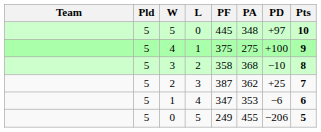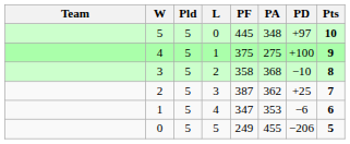 <table class=wikitable style="text-align:center">
 <tr>
 <th width=180>Team</th>
+<th width=30>W</th>
 <th width=30>Pld</th>
-<th width=30>W</th>
 <th width=30>L</th>
 <th width=30>PF</th>
 <th width=30>PA</th>
 <th width=30>PD</th>
 <th width=30>Pts</th>
 </tr>
 <tr align=center bgcolor="#ccffcc">
 <td align=left></td>
 <td>5</td>
 <td>5</td>
 <td>0</td>
 <td>445</td>
 <td>348</td>
 <td>+97</td>
 <td><strong>10</strong></td>
 </tr>
 <tr align=center bgcolor="#aaffaa">
 <td align=left></td>
+<td>4</td>
 <td>5</td>
-<td>4</td>
 <td>1</td>
 <td>375</td>
 <td>275</td>
 <td>+100</td>
 <td><strong>9</strong></td>
 </tr>
 <tr align=center bgcolor="#ccffcc">
 <td align=left></td>
+<td>3</td>
 <td>5</td>
-<td>3</td>
 <td>2</td>
 <td>358</td>
 <td>368</td>
 <td>−10</td>
 <td><strong>8</strong></td>
 </tr>
 <tr align=center>
 <td align=left></td>
+<td>2</td>
 <td>5</td>
-<td>2</td>
 <td>3</td>
 <td>387</td>
 <td>362</td>
 <td>+25</td>
 <td><strong>7</strong></td>
 </tr>
 <tr align=center>
 <td align=left></td>
+<td>1</td>
 <td>5</td>
-<td>1</td>
 <td>4</td>
 <td>347</td>
 <td>353</td>
 <td>−6</td>
 <td><strong>6</strong></td>
 </tr>
 <tr align=center>
 <td align=left></td>
+<td>0</td>
 <td>5</td>
-<td>0</td>
 <td>5</td>
 <td>249</td>
 <td>455</td>
 <td>−206</td>
 <td><strong>5</strong></td>
 </tr>
 </table>
